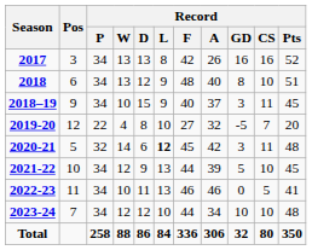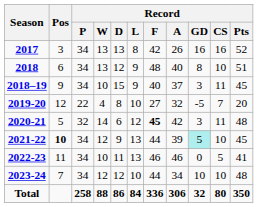 <table Class="wikitable" style="text-align: center;">
 <tr>
 <th rowspan="2">Season</th>
 <th rowspan="2">Pos</th>
 <th colspan="9">Record</th>
 </tr>
 <tr>
 <th>P</th>
 <th>W</th>
 <th>D</th>
 <th>L</th>
 <th>F</th>
 <th>A</th>
 <th>GD</th>
 <th>CS</th>
 <th>Pts</th>
 </tr>
 <tr>
 <td><strong><a href='#'>2017</a></strong></td>
 <td>3</td>
 <td>34</td>
 <td>13</td>
 <td>13</td>
 <td>8</td>
 <td>42</td>
 <td>26</td>
 <td>16</td>
 <td>16</td>
 <td>52</td>
 </tr>
 <tr>
 <td><strong><a href='#'>2018</a></strong></td>
 <td>6</td>
 <td>34</td>
 <td>13</td>
 <td>12</td>
 <td>9</td>
 <td>48</td>
 <td>40</td>
 <td>8</td>
 <td>10</td>
 <td>51</td>
 </tr>
 <tr>
 <td><strong><a href='#'>2018–19</a></strong></td>
 <td>9</td>
 <td>34</td>
 <td>10</td>
 <td>15</td>
 <td>9</td>
 <td>40</td>
 <td>37</td>
 <td>3</td>
 <td>11</td>
 <td>45</td>
 </tr>
 <tr>
 <td><strong><a href='#'>2019-20</a></strong></td>
 <td>12</td>
 <td>22</td>
 <td>4</td>
 <td>8</td>
 <td>10</td>
 <td>27</td>
 <td>32</td>
 <td>-5</td>
 <td>7</td>
 <td>20</td>
 </tr>
 <tr>
 <td><strong><a href='#'>2020-21</a></strong></td>
 <td>5</td>
 <td>32</td>
 <td>14</td>
 <td>6</td>
-<td><strong>12</strong></td>
-<td>45</td>
+<td>12</td>
+<td><strong>45</strong></td>
 <td>42</td>
 <td>3</td>
 <td>11</td>
 <td>48</td>
 </tr>
 <tr>
 <td><strong><a href='#'>2021-22</a></strong></td>
-<td>10</td>
+<td><strong>10</strong></td>
 <td>34</td>
 <td>12</td>
 <td>9</td>
 <td>13</td>
 <td>44</td>
 <td>39</td>
-<td>5</td>
+<td style="background: paleturquoise;">5</td>
 <td>10</td>
 <td>45</td>
 </tr>
 <tr>
 <td><strong><a href='#'>2022-23</a></strong></td>
 <td>11</td>
 <td>34</td>
 <td>10</td>
 <td>11</td>
 <td>13</td>
 <td>46</td>
 <td>46</td>
 <td>0</td>
 <td>5</td>
 <td>41</td>
 </tr>
 <tr>
 <td><strong><a href='#'>2023-24</a></strong></td>
 <td>7</td>
 <td>34</td>
 <td>12</td>
 <td>12</td>
 <td>10</td>
 <td>44</td>
 <td>34</td>
 <td>10</td>
 <td>10</td>
 <td>48</td>
 </tr>
 <tr>
 <td><strong>Total</strong></td>
 <td></td>
 <td><strong>258</strong></td>
 <td><strong>88</strong></td>
 <td><strong>86</strong></td>
 <td><strong>84</strong></td>
 <td><strong>336</strong></td>
 <td><strong>306</strong></td>
 <td><strong>32</strong></td>
 <td><strong>80</strong></td>
 <td><strong>350</strong></td>
 </tr>
 </table>
